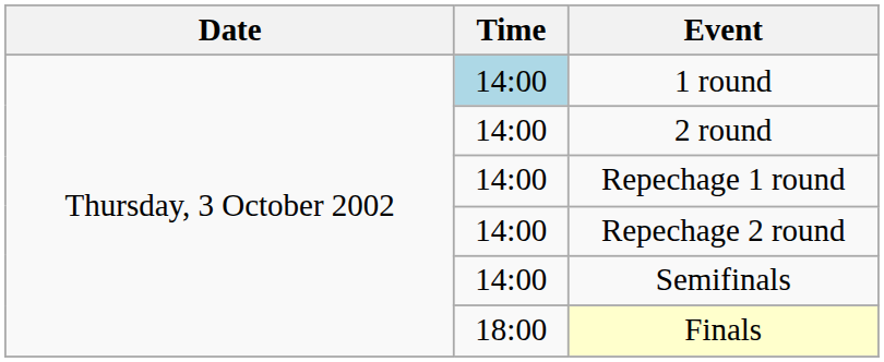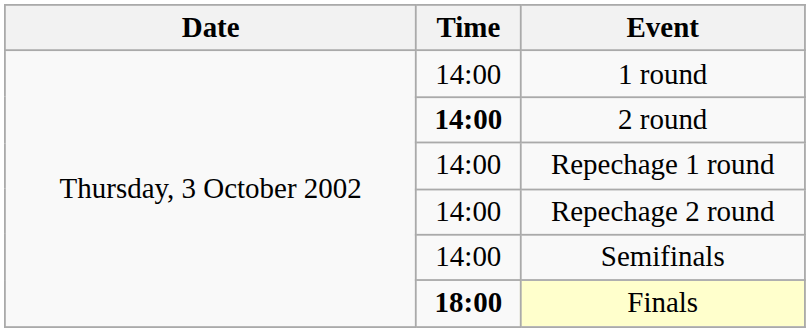 <table class = "wikitable" style="text-align:center;">
 <tr>
 <th width=220>Date</th>
 <th width=50>Time</th>
 <th width=150>Event</th>
 </tr>
 <tr>
 <td rowspan=6>Thursday, 3 October 2002</td>
-<td style="background: lightblue;">14:00</td>
+<td>14:00</td>
 <td>1 round</td>
 </tr>
 <tr>
-<td>14:00</td>
+<td><strong>14:00</strong></td>
 <td>2 round</td>
 </tr>
 <tr>
 <td>14:00</td>
 <td>Repechage 1 round</td>
 </tr>
 <tr>
 <td>14:00</td>
 <td>Repechage 2 round</td>
 </tr>
 <tr>
 <td>14:00</td>
 <td>Semifinals</td>
 </tr>
 <tr>
-<td>18:00</td>
+<td><strong>18:00</strong></td>
 <td bgcolor=ffffcc>Finals</td>
 </tr>
 </table>
